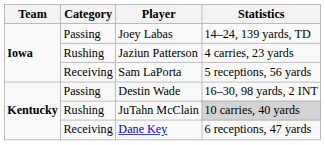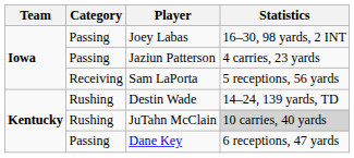 <table class="wikitable" style="float: left;">
 <tr>
 <th>Team</th>
 <th>Category</th>
 <th>Player</th>
 <th>Statistics</th>
 </tr>
 <tr>
 <td rowspan=3><strong>Iowa</strong></td>
 <td>Passing</td>
 <td>Joey Labas</td>
-<td>14–24, 139 yards, TD</td>
+<td>16–30, 98 yards, 2 INT</td>
 </tr>
 <tr>
-<td>Rushing</td>
+<td>Passing</td>
 <td>Jaziun Patterson</td>
 <td>4 carries, 23 yards</td>
 </tr>
 <tr>
 <td>Receiving</td>
 <td>Sam LaPorta</td>
 <td>5 receptions, 56 yards</td>
 </tr>
 <tr>
 <td rowspan=3><strong>Kentucky</strong></td>
-<td>Passing</td>
+<td>Rushing</td>
 <td>Destin Wade</td>
-<td>16–30, 98 yards, 2 INT</td>
+<td>14–24, 139 yards, TD</td>
 </tr>
 <tr>
 <td>Rushing</td>
 <td>JuTahn McClain</td>
 <td style="background: lightgrey;">10 carries, 40 yards</td>
 </tr>
 <tr>
-<td>Receiving</td>
+<td>Passing</td>
 <td><a href='#'>Dane Key</a></td>
 <td>6 receptions, 47 yards</td>
 </tr>
 </table>
